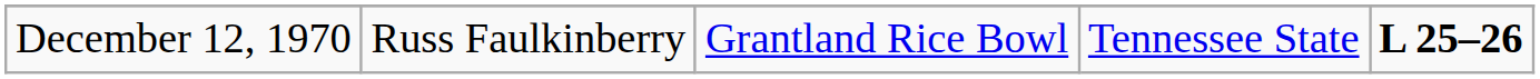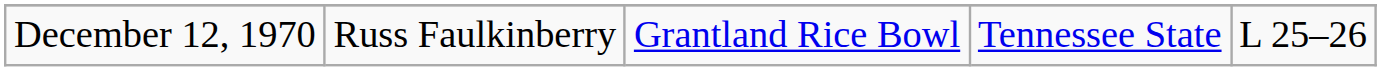 <table class="wikitable">
 <tr>
 </tr>
 <tr>
 <td>December 12, 1970</td>
 <td>Russ Faulkinberry</td>
 <td><a href='#'>Grantland Rice Bowl</a></td>
 <td><a href='#'>Tennessee State</a></td>
-<td><strong>L 25–26</strong></td>
+<td>L 25–26</td>
 </tr>
 </table>
